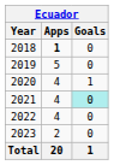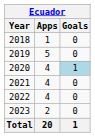 <table class="wikitable" style="text-align:center">
 <tr>
 <th colspan=3><a href='#'>Ecuador</a></th>
 </tr>
 <tr>
 <th>Year</th>
 <th>Apps</th>
 <th>Goals</th>
 </tr>
 <tr>
 <td>2018</td>
-<td><strong>1</strong></td>
+<td>1</td>
 <td>0</td>
 </tr>
 <tr>
 <td>2019</td>
 <td>5</td>
 <td>0</td>
 </tr>
 <tr>
 <td>2020</td>
 <td>4</td>
-<td>1</td>
+<td style="background: lightblue;">1</td>
 </tr>
 <tr>
 <td>2021</td>
 <td>4</td>
-<td style="background: paleturquoise;">0</td>
+<td>0</td>
 </tr>
 <tr>
 <td>2022</td>
 <td>4</td>
 <td>0</td>
 </tr>
 <tr>
 <td>2023</td>
 <td>2</td>
 <td>0</td>
 </tr>
 <tr>
 <th>Total</th>
 <th>20</th>
 <th>1</th>
 </tr>
 </table>
